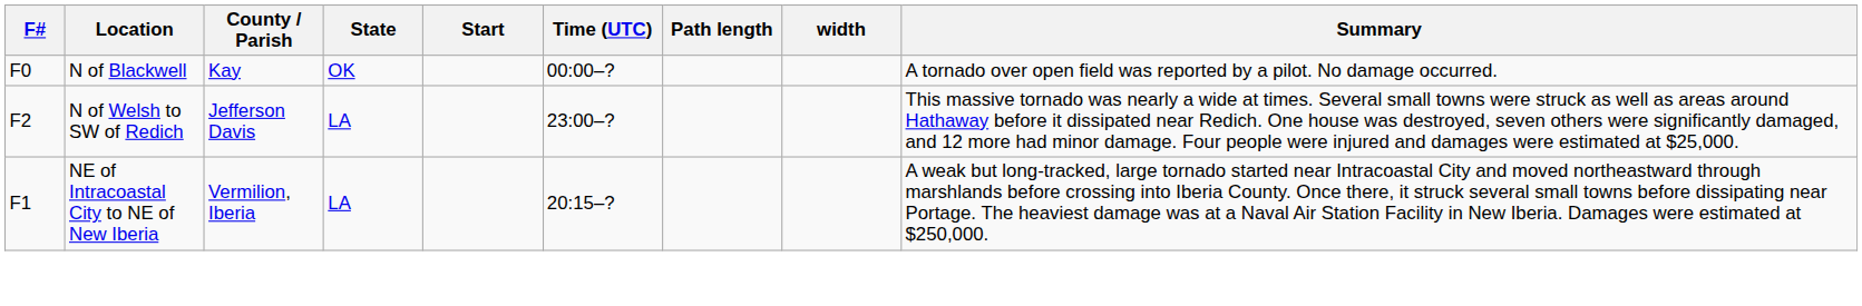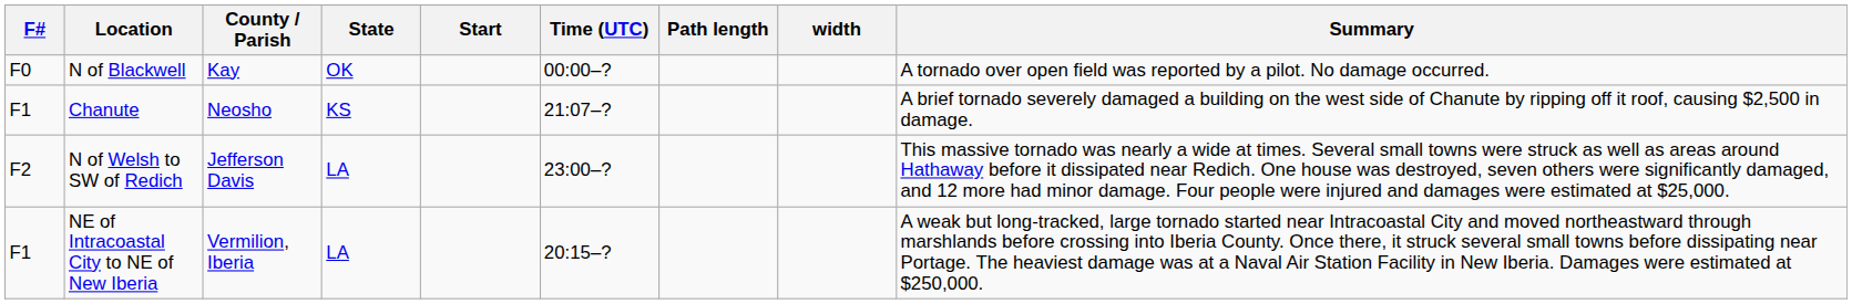 <table class="wikitable sortable" style="width:100%;">
 <tr>
 <th scope="col"  style="width:3%; text-align:center;"><a href='#'>F#</a></th>
 <th scope="col"  style="width:7%; text-align:center;" class="unsortable">Location</th>
 <th scope="col"  style="width:6%; text-align:center;" class="unsortable">County / Parish</th>
 <th scope="col"  style="width:5%; text-align:center;">State</th>
 <th scope="col"  style="width:6%; text-align:center;">Start<br></th>
 <th scope="col"  style="width:6%; text-align:center;">Time (<a href='#'>UTC</a>)</th>
 <th scope="col"  style="width:6%; text-align:center;">Path length</th>
 <th scope="col"  style="width:6%; text-align:center;"> width</th>
 <th scope="col" class="unsortable" style="width:48%; text-align:center;">Summary</th>
 </tr>
 <tr>
 <td>F0</td>
 <td>N of <a href='#'>Blackwell</a></td>
 <td><a href='#'>Kay</a></td>
 <td><a href='#'>OK</a></td>
 <td></td>
 <td>00:00–?</td>
 <td></td>
 <td></td>
 <td>A tornado over open field was reported by a pilot. No damage occurred.</td>
 </tr>
 <tr>
+<td>F1</td>
+<td><a href='#'>Chanute</a></td>
+<td><a href='#'>Neosho</a></td>
+<td><a href='#'>KS</a></td>
+<td></td>
+<td>21:07–?</td>
+<td></td>
+<td></td>
+<td>A brief tornado severely damaged a building on the west side of Chanute by ripping off it roof, causing $2,500 in damage.</td>
+</tr>
+<tr>
 <td>F2</td>
 <td>N of <a href='#'>Welsh</a> to SW of <a href='#'>Redich</a></td>
 <td><a href='#'>Jefferson Davis</a></td>
 <td><a href='#'>LA</a></td>
 <td></td>
 <td>23:00–?</td>
 <td></td>
 <td></td>
 <td>This massive tornado was nearly a  wide at times. Several small towns were struck as well as areas around <a href='#'>Hathaway</a> before it dissipated near Redich. One house was destroyed, seven others were significantly damaged, and 12 more had minor damage. Four people were injured and damages were estimated at $25,000.</td>
 </tr>
 <tr>
 <td>F1</td>
 <td>NE of <a href='#'>Intracoastal City</a> to NE of <a href='#'>New Iberia</a></td>
 <td><a href='#'>Vermilion</a>, <a href='#'>Iberia</a></td>
 <td><a href='#'>LA</a></td>
 <td></td>
 <td>20:15–?</td>
 <td></td>
 <td></td>
 <td>A weak but long-tracked, large tornado started near Intracoastal City and moved northeastward through marshlands before crossing into Iberia County. Once there, it struck several small towns before dissipating near Portage. The heaviest damage was at a Naval Air Station Facility in New Iberia. Damages were estimated at $250,000.</td>
 </tr>
 </table>
